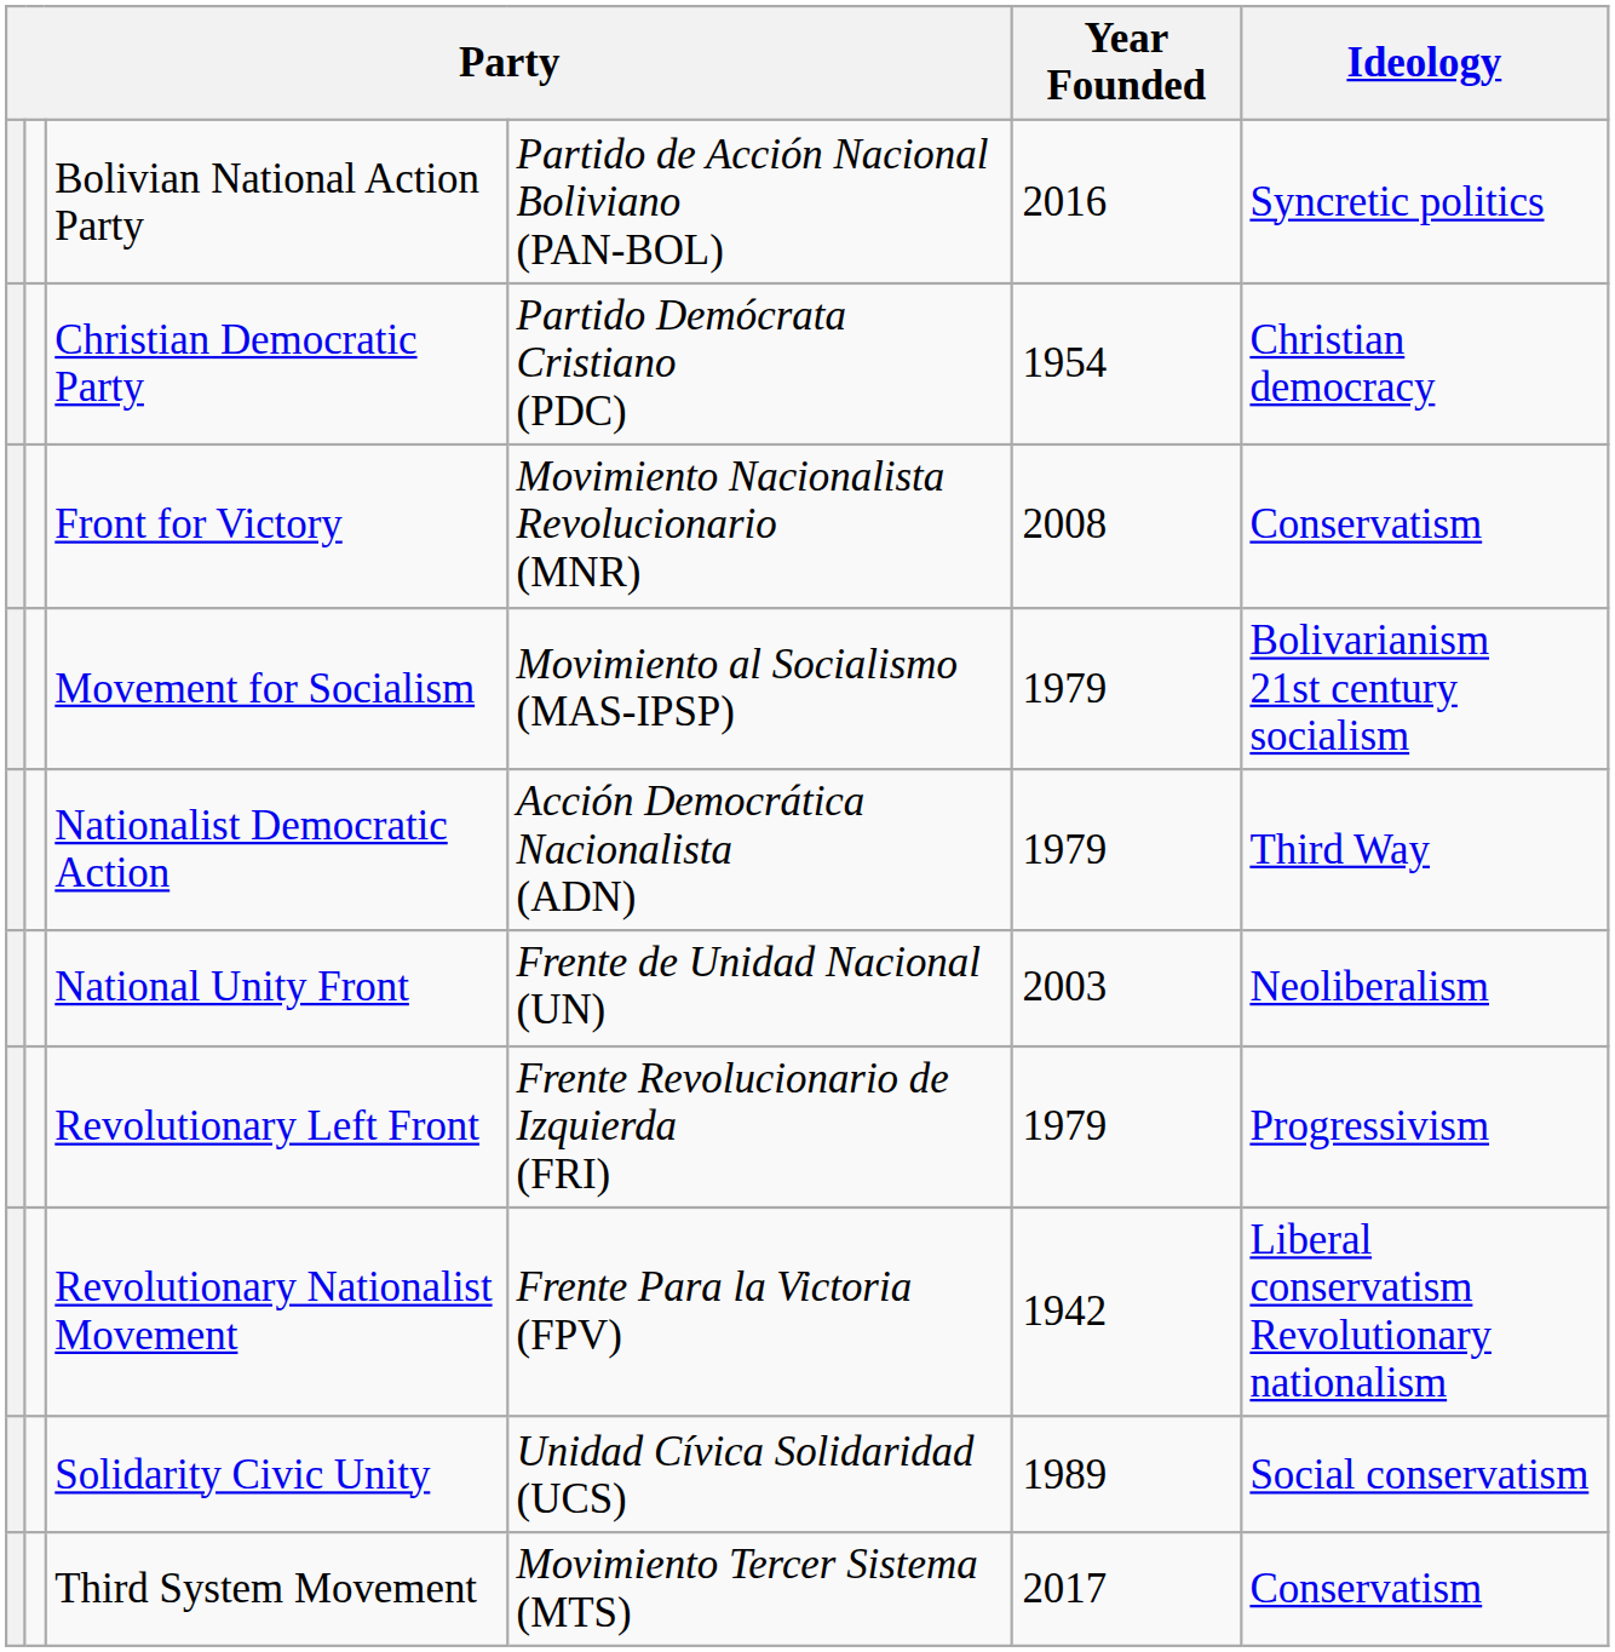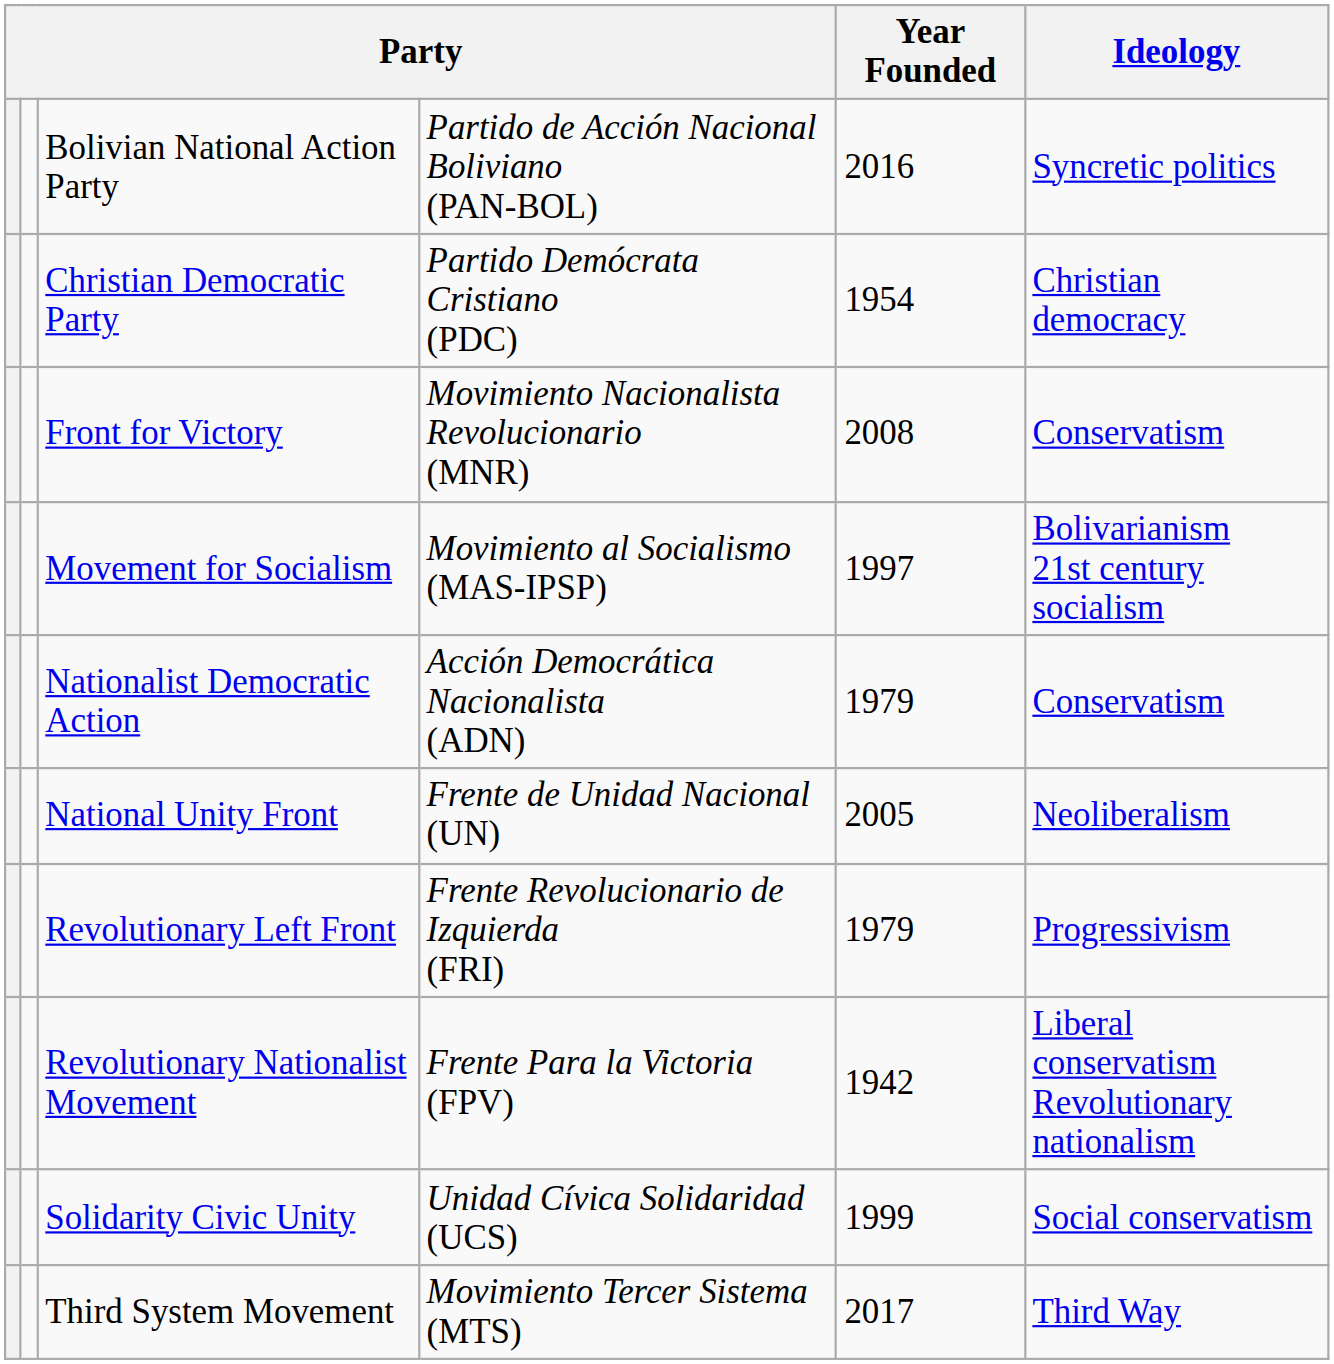 <table class="wikitable">
 <tr>
 <th colspan="4">Party</th>
 <th>Year Founded</th>
 <th><a href='#'>Ideology</a></th>
 </tr>
 <tr>
 <th style="background-color:"></th>
 <td></td>
 <td>Bolivian National Action Party</td>
 <td><em>Partido de Acción Nacional Boliviano</em><br>(PAN-BOL)</td>
 <td>2016</td>
 <td><a href='#'>Syncretic politics</a></td>
 </tr>
 <tr>
 <th style="background-color:"></th>
 <td></td>
 <td><a href='#'>Christian Democratic Party</a></td>
 <td><em>Partido Demócrata Cristiano</em><br>(PDC)</td>
 <td>1954</td>
 <td><a href='#'>Christian democracy</a></td>
 </tr>
 <tr>
 <th style="background-color:"></th>
 <td></td>
 <td><a href='#'>Front for Victory</a></td>
 <td><em>Movimiento Nacionalista Revolucionario</em><br>(MNR)</td>
 <td>2008</td>
 <td><a href='#'>Conservatism</a></td>
 </tr>
 <tr>
 <th style="background-color:"></th>
 <td></td>
 <td><a href='#'>Movement for Socialism</a></td>
 <td><em>Movimiento al Socialismo</em><br>(MAS-IPSP)</td>
-<td>1979</td>
+<td>1997</td>
 <td><a href='#'>Bolivarianism</a><br><a href='#'>21st century socialism</a></td>
 </tr>
 <tr>
 <th style="background-color:"></th>
 <td></td>
 <td><a href='#'>Nationalist Democratic Action</a></td>
 <td><em>Acción Democrática Nacionalista</em><br>(ADN)</td>
 <td>1979</td>
-<td><a href='#'>Third Way</a></td>
+<td><a href='#'>Conservatism</a></td>
 </tr>
 <tr>
 <th style="background-color:"></th>
 <td></td>
 <td><a href='#'>National Unity Front</a></td>
 <td><em>Frente de Unidad Nacional</em><br>(UN)</td>
-<td>2003</td>
+<td>2005</td>
 <td><a href='#'>Neoliberalism</a></td>
 </tr>
 <tr>
 <th style="background-color:"></th>
 <td></td>
 <td><a href='#'>Revolutionary Left Front</a></td>
 <td><em>Frente Revolucionario de Izquierda</em><br>(FRI)</td>
 <td>1979</td>
 <td><a href='#'>Progressivism</a></td>
 </tr>
 <tr>
 <th style="background-color:"></th>
 <td></td>
 <td><a href='#'>Revolutionary Nationalist Movement</a></td>
 <td><em>Frente Para la Victoria</em><br>(FPV)</td>
 <td>1942</td>
 <td><a href='#'>Liberal conservatism</a><br><a href='#'>Revolutionary nationalism</a></td>
 </tr>
 <tr>
 <th style="background-color: "></th>
 <td></td>
 <td><a href='#'>Solidarity Civic Unity</a></td>
 <td><em>Unidad Cívica Solidaridad</em><br>(UCS)</td>
-<td>1989</td>
+<td>1999</td>
 <td><a href='#'>Social conservatism</a></td>
 </tr>
 <tr>
 <th style="background-color:"></th>
 <td></td>
 <td>Third System Movement</td>
 <td><em>Movimiento Tercer Sistema</em><br>(MTS)</td>
 <td>2017</td>
-<td><a href='#'>Conservatism</a></td>
+<td><a href='#'>Third Way</a></td>
 </tr>
 </table>
